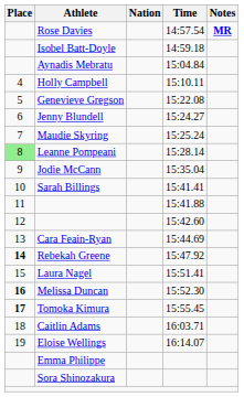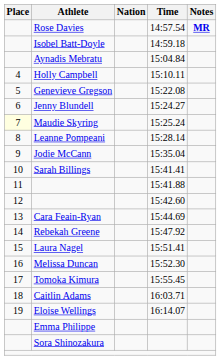 <table class="wikitable mw-datatable sortable" style="text-align:center;">
 <tr>
 <th scope="col">Place</th>
 <th scope="col">Athlete</th>
 <th scope="col">Nation</th>
 <th scope="col">Time</th>
 <th scope="col">Notes</th>
 </tr>
 <tr>
 <td></td>
 <td align="left"><a href='#'>Rose Davies</a></td>
 <td align="left"></td>
 <td>14:57.54</td>
 <td><strong><a href='#'>MR</a></strong></td>
 </tr>
 <tr>
 <td></td>
 <td align="left"><a href='#'>Isobel Batt-Doyle</a></td>
 <td align="left"></td>
 <td>14:59.18</td>
 <td></td>
 </tr>
 <tr>
 <td></td>
 <td align="left"><a href='#'>Aynadis Mebratu</a></td>
 <td align="left"></td>
 <td>15:04.84</td>
 <td></td>
 </tr>
 <tr>
 <td>4</td>
 <td align="left"><a href='#'>Holly Campbell</a></td>
 <td align="left"></td>
 <td>15:10.11</td>
 <td></td>
 </tr>
 <tr>
 <td>5</td>
 <td align="left"><a href='#'>Genevieve Gregson</a></td>
 <td align="left"></td>
 <td>15:22.08</td>
 <td></td>
 </tr>
 <tr>
 <td>6</td>
 <td align="left"><a href='#'>Jenny Blundell</a></td>
 <td align="left"></td>
 <td>15:24.27</td>
 <td></td>
 </tr>
 <tr>
-<td>7</td>
+<td style="background: lightyellow;">7</td>
 <td align="left"><a href='#'>Maudie Skyring</a></td>
 <td align="left"></td>
 <td>15:25.24</td>
 <td></td>
 </tr>
 <tr>
-<td style="background: lightgreen;">8</td>
+<td>8</td>
 <td align="left"><a href='#'>Leanne Pompeani</a></td>
 <td align="left"></td>
 <td>15:28.14</td>
 <td></td>
 </tr>
 <tr>
 <td>9</td>
 <td align="left"><a href='#'>Jodie McCann</a></td>
 <td align="left"></td>
 <td>15:35.04</td>
 <td></td>
 </tr>
 <tr>
 <td>10</td>
 <td align="left"><a href='#'>Sarah Billings</a></td>
 <td align="left"></td>
 <td>15:41.41</td>
 <td></td>
 </tr>
 <tr>
 <td>11</td>
 <td align="left"></td>
 <td align="left"></td>
 <td>15:41.88</td>
 <td></td>
 </tr>
 <tr>
 <td>12</td>
 <td align="left"></td>
 <td align="left"></td>
 <td>15:42.60</td>
 <td></td>
 </tr>
 <tr>
 <td>13</td>
 <td align="left"><a href='#'>Cara Feain-Ryan</a></td>
 <td align="left"></td>
 <td>15:44.69</td>
 <td></td>
 </tr>
 <tr>
-<td><strong>14</strong></td>
+<td>14</td>
 <td align="left"><a href='#'>Rebekah Greene</a></td>
 <td align="left"></td>
 <td>15:47.92</td>
 <td></td>
 </tr>
 <tr>
 <td>15</td>
 <td align="left"><a href='#'>Laura Nagel</a></td>
 <td align="left"></td>
 <td>15:51.41</td>
 <td></td>
 </tr>
 <tr>
-<td><strong>16</strong></td>
+<td>16</td>
 <td align="left"><a href='#'>Melissa Duncan</a></td>
 <td align="left"></td>
 <td>15:52.30</td>
 <td></td>
 </tr>
 <tr>
-<td><strong>17</strong></td>
+<td>17</td>
 <td align="left"><a href='#'>Tomoka Kimura</a></td>
 <td align="left"></td>
 <td>15:55.45</td>
 <td></td>
 </tr>
 <tr>
 <td>18</td>
 <td align="left"><a href='#'>Caitlin Adams</a></td>
 <td align="left"></td>
 <td>16:03.71</td>
 <td></td>
 </tr>
 <tr>
 <td>19</td>
 <td align="left"><a href='#'>Eloise Wellings</a></td>
 <td align="left"></td>
 <td>16:14.07</td>
 <td></td>
 </tr>
 <tr>
 <td></td>
 <td align="left"><a href='#'>Emma Philippe</a></td>
 <td align="left"></td>
 <td></td>
 <td></td>
 </tr>
 <tr>
 <td></td>
 <td align="left"><a href='#'>Sora Shinozakura</a></td>
 <td align="left"></td>
 <td></td>
 <td></td>
 </tr>
 <tr class="sortbottom">
 <td colspan="5"></td>
 </tr>
 </table>
